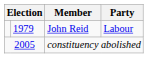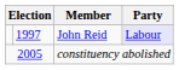 <table class="wikitable">
 <tr>
 <th colspan="2">Election</th>
 <th>Member</th>
 <th>Party</th>
 </tr>
 <tr>
 <td style="color:inherit;background-color: "></td>
-<td><a href='#'>1979</a></td>
+<td><a href='#'>1997</a></td>
 <td><a href='#'>John Reid</a></td>
-<td><a href='#'>Labour</a></td>
+<td style="background: lavender;"><a href='#'>Labour</a></td>
 </tr>
 <tr>
 <td colspan="2" align="center"><a href='#'>2005</a></td>
 <td colspan="2"><em>constituency abolished</em></td>
 </tr>
 </table>
